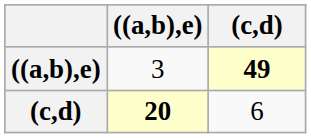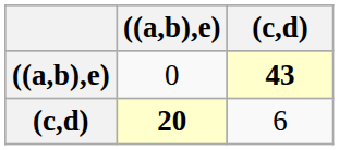 <table class="wikitable" style="text-align: center">
 <tr>
 <th style="width: 50px;"></th>
 <th style="width: 50px;">((a,b),e)</th>
 <th style="width: 50px;">(c,d)</th>
 </tr>
 <tr>
 <th>((a,b),e)</th>
-<td>3</td>
-<td style=background:#ffffcc;><strong>49</strong></td>
+<td>0</td>
+<td style=background:#ffffcc;><strong>43</strong></td>
 </tr>
 <tr>
 <th>(c,d)</th>
 <td style=background:#ffffcc;><strong>20</strong></td>
 <td>6</td>
 </tr>
 </table>
